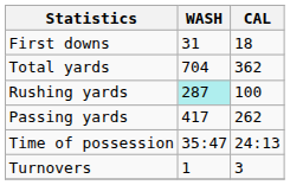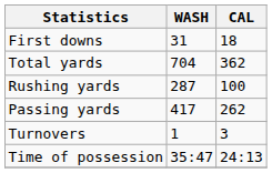 <table class="wikitable">
 <tr>
 <th>Statistics</th>
 <th>WASH</th>
 <th>CAL</th>
 </tr>
 <tr>
 <td>First downs</td>
 <td>31</td>
 <td>18</td>
 </tr>
 <tr>
 <td>Total yards</td>
 <td>704</td>
 <td>362</td>
 </tr>
 <tr>
 <td>Rushing yards</td>
-<td style="background: paleturquoise;">287</td>
+<td>287</td>
 <td>100</td>
 </tr>
 <tr>
 <td>Passing yards</td>
 <td>417</td>
 <td>262</td>
 </tr>
 <tr>
+<td>Turnovers</td>
+<td>1</td>
+<td>3</td>
+</tr>
+<tr>
 <td>Time of possession</td>
 <td>35:47</td>
 <td>24:13</td>
 </tr>
 <tr>
-<td>Turnovers</td>
-<td>1</td>
-<td>3</td>
-</tr>
-<tr>
 </tr>
 </table>
